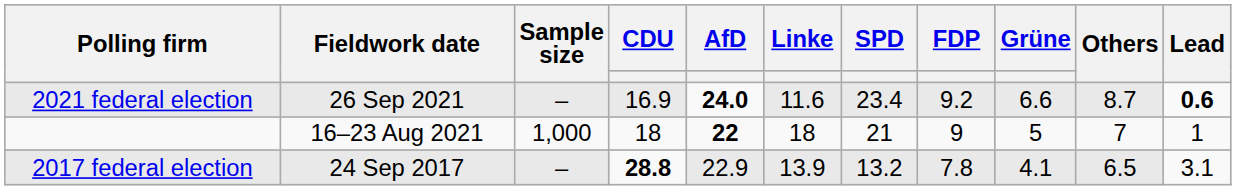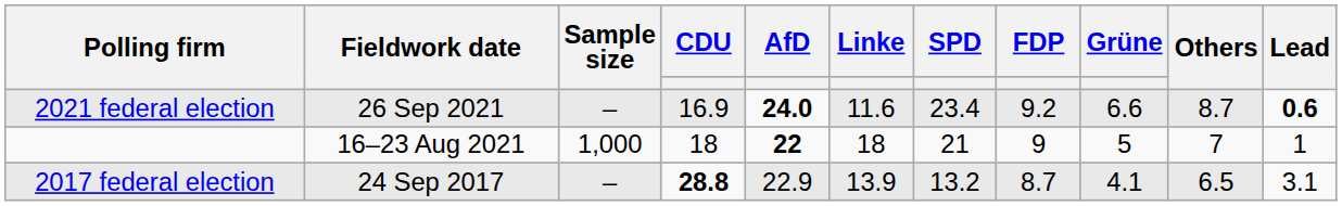 <table class="wikitable sortable mw-datatable" style="text-align:center;font-size:90%;line-height:14px;">
 <tr style="height:40px;">
 <th style="width:160px;" rowspan="2">Polling firm</th>
 <th style="width:135px;" rowspan="2">Fieldwork date</th>
 <th style="width:35px;" rowspan="2">Sample<br>size</th>
 <th class="unsortable" style="width:40px;"><a href='#'>CDU</a></th>
 <th class="unsortable" style="width:40px;"><a href='#'>AfD</a></th>
 <th class="unsortable" style="width:40px;"><a href='#'>Linke</a></th>
 <th class="unsortable" style="width:40px;"><a href='#'>SPD</a></th>
 <th class="unsortable" style="width:40px;"><a href='#'>FDP</a></th>
 <th class="unsortable" style="width:40px;"><a href='#'>Grüne</a></th>
 <th class="unsortable" style="width:30px;" rowspan="2">Others</th>
 <th style="width:30px;" rowspan="2">Lead</th>
 </tr>
 <tr>
 <th style="background:"></th>
 <th style="background:"></th>
 <th style="background:"></th>
 <th style="background:"></th>
 <th style="background:"></th>
 <th style="background:"></th>
 </tr>
 <tr>
 <td style="background:#E9E9E9;"><a href='#'>2021 federal election</a></td>
 <td style="background:#E9E9E9;" data-sort-value="2021-09-26">26 Sep 2021</td>
 <td style="background:#E9E9E9;">–</td>
 <td style="background:#E9E9E9;">16.9</td>
 <td><strong>24.0</strong></td>
 <td style="background:#E9E9E9;">11.6</td>
 <td style="background:#E9E9E9;">23.4</td>
 <td style="background:#E9E9E9;">9.2</td>
 <td style="background:#E9E9E9;">6.6</td>
 <td style="background:#E9E9E9;">8.7</td>
 <td style="background:"><strong>0.6</strong></td>
 </tr>
 <tr>
 <td></td>
 <td data-sort-value="2021-08-27">16–23 Aug 2021</td>
 <td>1,000</td>
 <td>18</td>
 <td><strong>22</strong></td>
 <td>18</td>
 <td>21</td>
 <td>9</td>
 <td>5</td>
 <td>7</td>
 <td style="background:">1</td>
 </tr>
 <tr>
 <td style="background:#E9E9E9;"><a href='#'>2017 federal election</a></td>
 <td style="background:#E9E9E9;"data-sort-value="2017-09-24">24 Sep 2017</td>
 <td style="background:#E9E9E9;">–</td>
 <td><strong>28.8</strong></td>
 <td style="background:#E9E9E9;">22.9</td>
 <td style="background:#E9E9E9;">13.9</td>
 <td style="background:#E9E9E9;">13.2</td>
-<td style="background:#E9E9E9;">7.8</td>
+<td style="background:#E9E9E9;">8.7</td>
 <td style="background:#E9E9E9;">4.1</td>
 <td style="background:#E9E9E9;">6.5</td>
 <td style="background:">3.1</td>
 </tr>
 </table>
